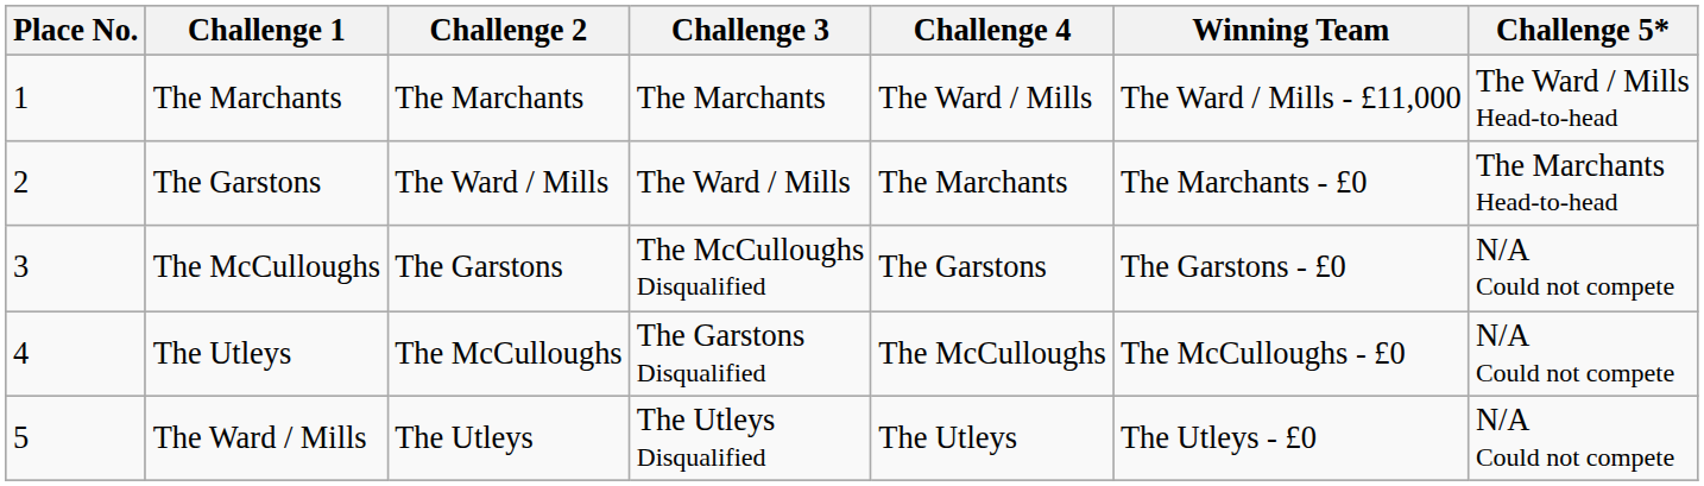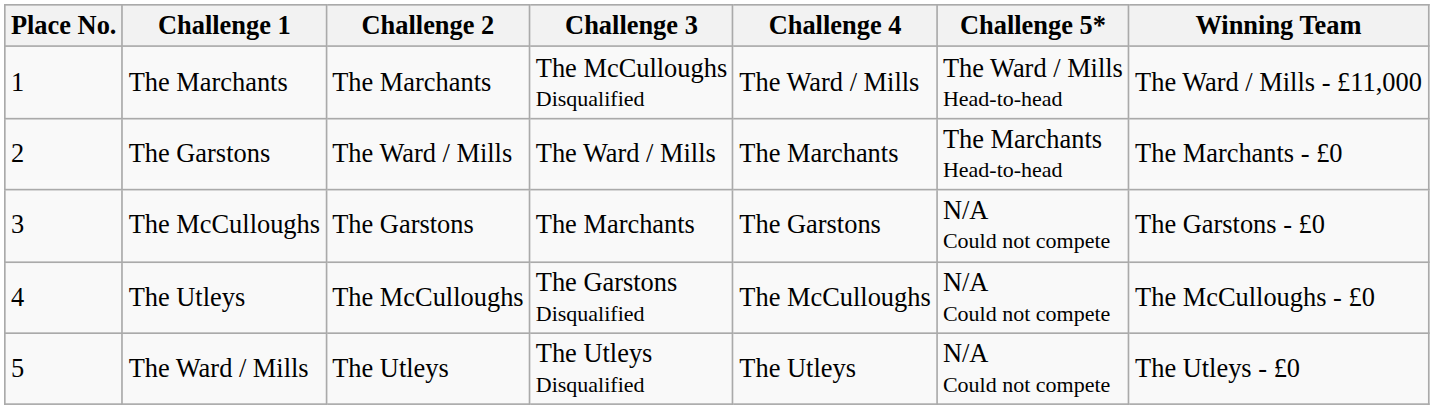 <table class="wikitable">
 <tr>
 <th>Place No.</th>
 <th>Challenge 1</th>
 <th>Challenge 2</th>
 <th>Challenge 3</th>
 <th>Challenge 4</th>
+<th>Challenge 5*</th>
 <th>Winning Team</th>
-<th>Challenge 5*</th>
 </tr>
 <tr>
 <td>1</td>
 <td>The Marchants</td>
 <td>The Marchants</td>
-<td>The Marchants</td>
+<td>The McCulloughs<br><small>Disqualified</small></td>
 <td>The Ward / Mills</td>
+<td>The Ward / Mills<br><small>Head-to-head</small></td>
 <td>The Ward / Mills - £11,000</td>
-<td>The Ward / Mills<br><small>Head-to-head</small></td>
 </tr>
 <tr>
 <td>2</td>
 <td>The Garstons</td>
 <td>The Ward / Mills</td>
 <td>The Ward / Mills</td>
 <td>The Marchants</td>
+<td>The Marchants<br><small>Head-to-head</small></td>
 <td>The Marchants - £0</td>
-<td>The Marchants<br><small>Head-to-head</small></td>
 </tr>
 <tr>
 <td>3</td>
 <td>The McCulloughs</td>
 <td>The Garstons</td>
-<td>The McCulloughs<br><small>Disqualified</small></td>
+<td>The Marchants</td>
 <td>The Garstons</td>
+<td>N/A<br><small>Could not compete</small></td>
 <td>The Garstons - £0</td>
-<td>N/A<br><small>Could not compete</small></td>
 </tr>
 <tr>
 <td>4</td>
 <td>The Utleys</td>
 <td>The McCulloughs</td>
 <td>The Garstons<br><small>Disqualified</small></td>
 <td>The McCulloughs</td>
+<td>N/A<br><small>Could not compete</small></td>
 <td>The McCulloughs - £0</td>
-<td>N/A<br><small>Could not compete</small></td>
 </tr>
 <tr>
 <td>5</td>
 <td>The Ward / Mills</td>
 <td>The Utleys</td>
 <td>The Utleys<br><small>Disqualified</small></td>
 <td>The Utleys</td>
+<td>N/A<br><small>Could not compete</small></td>
 <td>The Utleys - £0</td>
-<td>N/A<br><small>Could not compete</small></td>
 </tr>
 </table>
